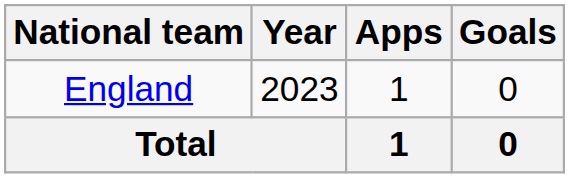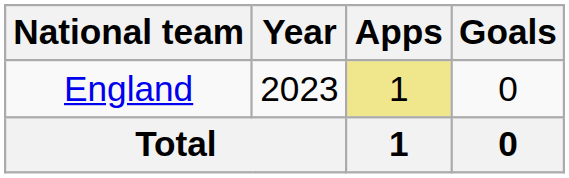 <table class="wikitable" style="text-align: center;">
 <tr>
 <th>National team</th>
 <th>Year</th>
 <th>Apps</th>
 <th>Goals</th>
 </tr>
 <tr>
 <td><a href='#'>England</a></td>
 <td>2023</td>
-<td>1</td>
+<td style="background: khaki;">1</td>
 <td>0</td>
 </tr>
 <tr>
 <th colspan="2">Total</th>
 <th>1</th>
 <th>0</th>
 </tr>
 </table>
